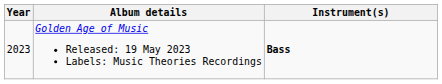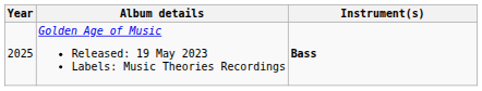 <table class="wikitable">
 <tr>
 <th>Year</th>
 <th>Album details</th>
 <th width=40%>Instrument(s)</th>
 </tr>
 <tr>
-<td>2023</td>
+<td>2025</td>
 <td><em><a href='#'>Golden Age of Music</a></em><br><ul><li>Released: 19 May 2023</li><li>Labels: Music Theories Recordings</li></ul></td>
 <td><strong>Bass</strong></td>
 </tr>
 </table>
